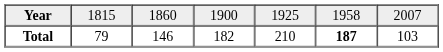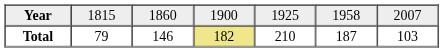 <table border="1" cellpadding="2" cellspacing="0" width="500">
 <tr bgcolor="#eeeeee" align="center">
 <td><strong>Year</strong></td>
 <td>1815</td>
 <td>1860</td>
 <td>1900</td>
 <td>1925</td>
 <td>1958</td>
 <td>2007</td>
 </tr>
 <tr align="center">
 <td><strong>Total</strong></td>
 <td>79</td>
 <td>146</td>
-<td>182</td>
+<td style="background: khaki;">182</td>
 <td>210</td>
-<td><strong>187</strong></td>
+<td>187</td>
 <td>103</td>
 </tr>
 </table>
